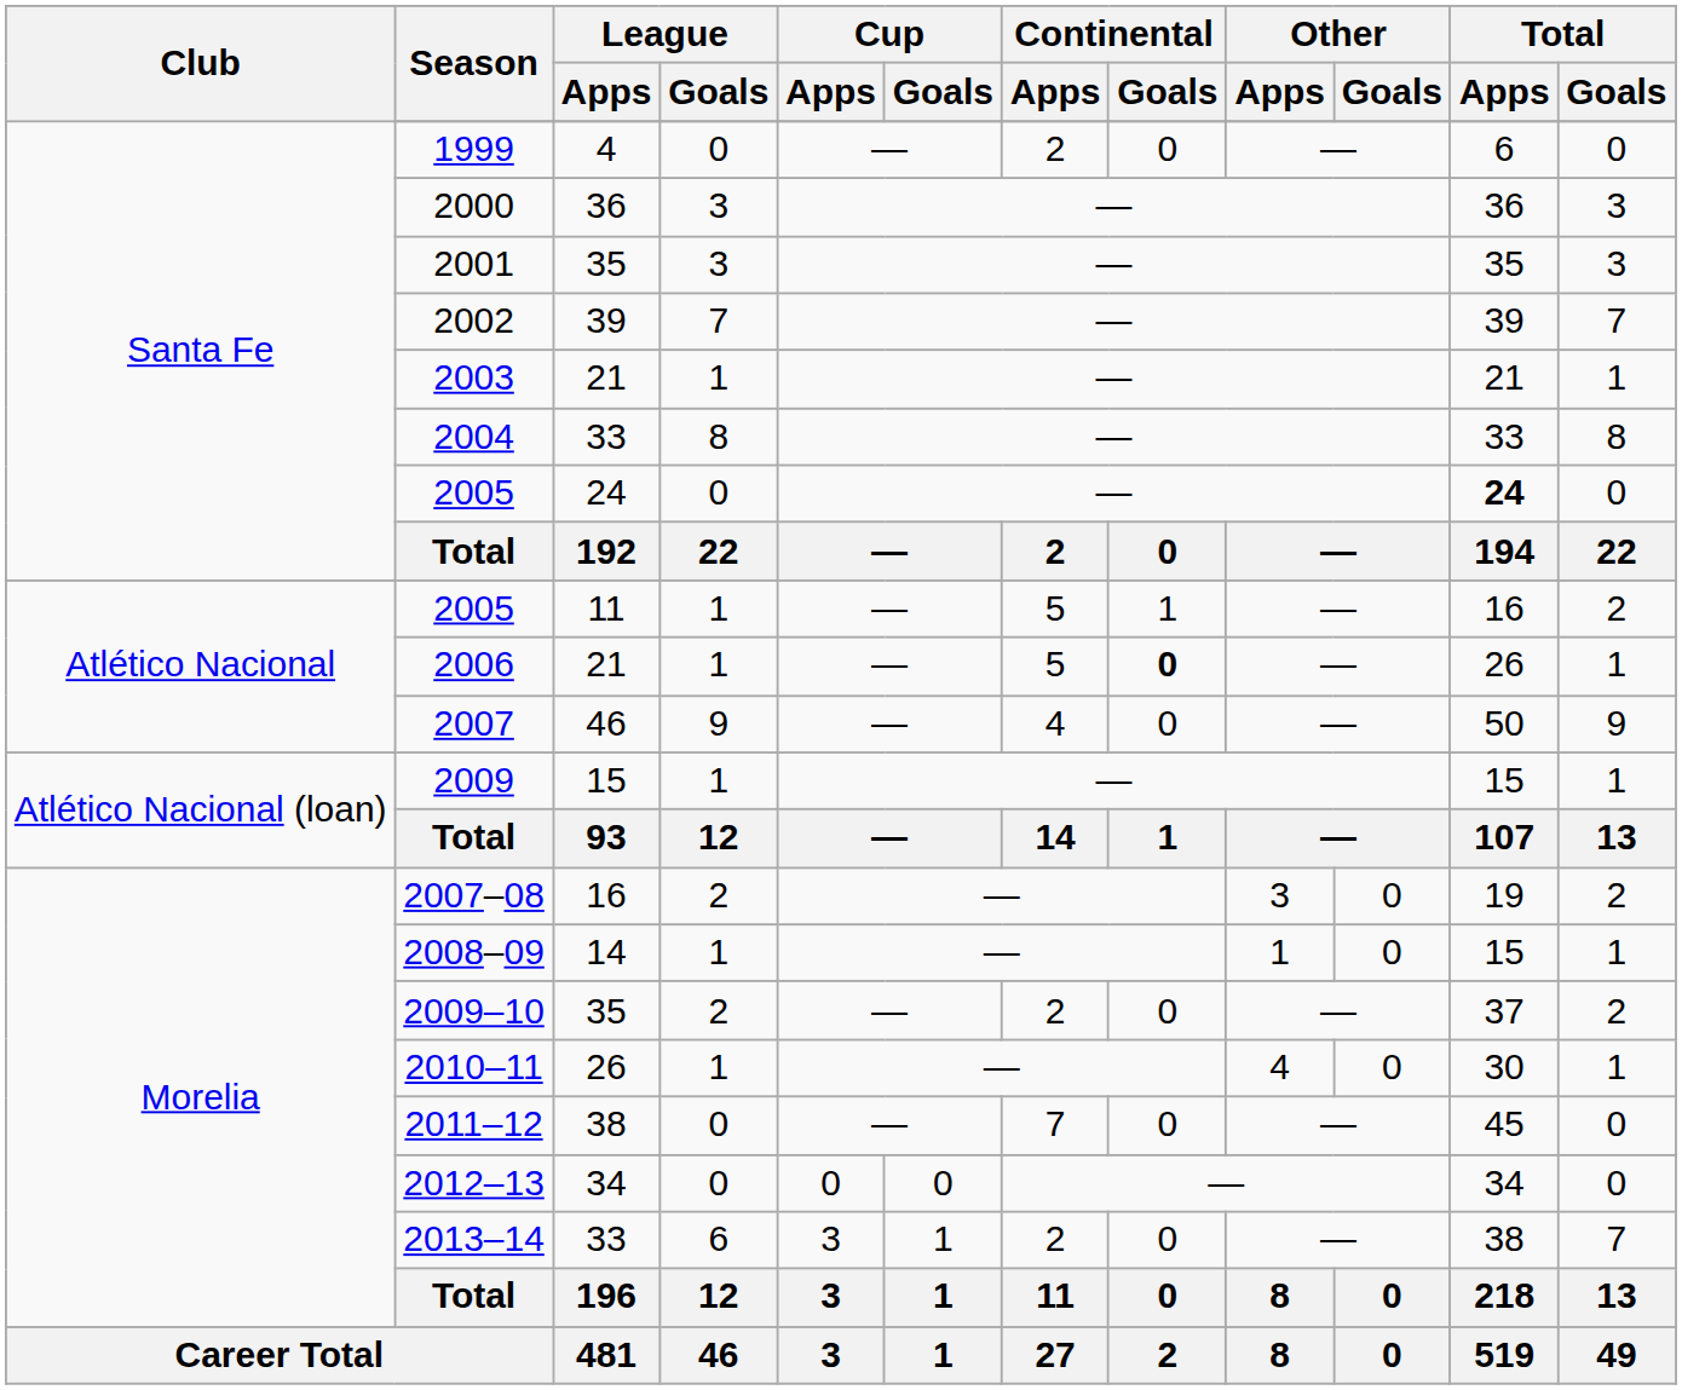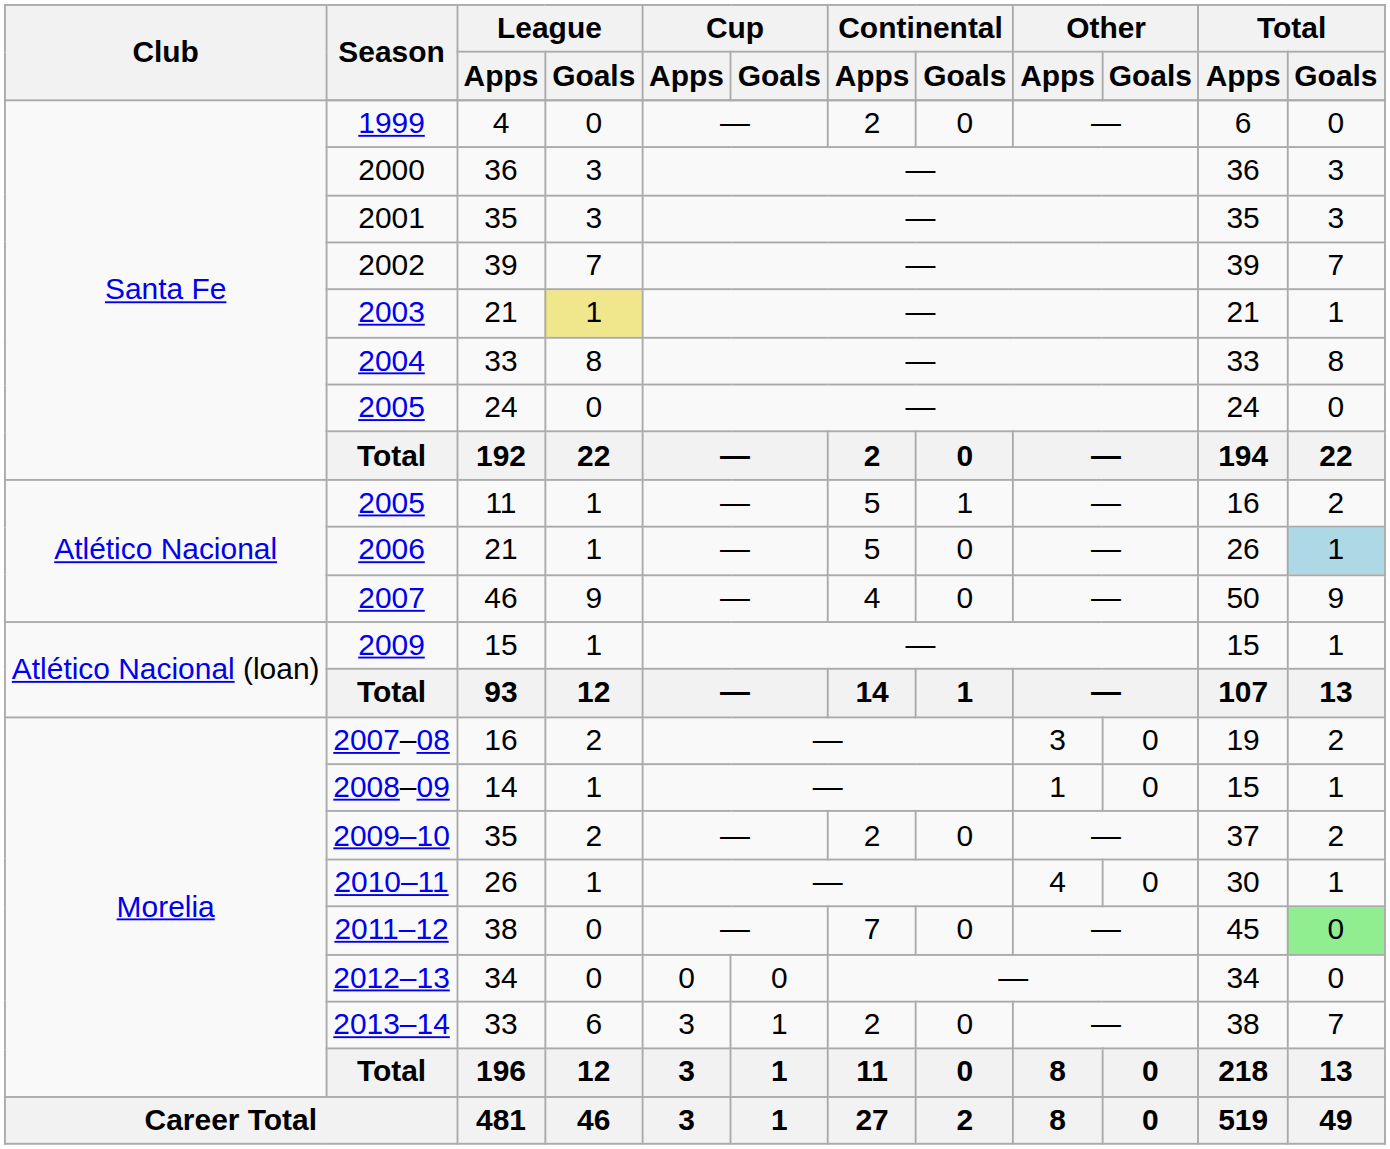 <table class="wikitable" style="text-align: center;">
 <tr>
 <th rowspan="2">Club</th>
 <th rowspan="2">Season</th>
 <th colspan="2">League</th>
 <th colspan="2">Cup</th>
 <th colspan="2">Continental</th>
 <th colspan="2">Other</th>
 <th colspan="2">Total</th>
 </tr>
 <tr>
 <th>Apps</th>
 <th>Goals</th>
 <th>Apps</th>
 <th>Goals</th>
 <th>Apps</th>
 <th>Goals</th>
 <th>Apps</th>
 <th>Goals</th>
 <th>Apps</th>
 <th>Goals</th>
 </tr>
 <tr>
 <td rowspan="9"><a href='#'>Santa Fe</a></td>
 </tr>
 <tr>
 <td><a href='#'>1999</a></td>
 <td>4</td>
 <td>0</td>
 <td colspan="2">—</td>
 <td>2</td>
 <td>0</td>
 <td colspan="2">—</td>
 <td>6</td>
 <td>0</td>
 </tr>
 <tr>
 <td>2000</td>
 <td>36</td>
 <td>3</td>
 <td colspan="6">—</td>
 <td>36</td>
 <td>3</td>
 </tr>
 <tr>
 <td>2001</td>
 <td>35</td>
 <td>3</td>
 <td colspan="6">—</td>
 <td>35</td>
 <td>3</td>
 </tr>
 <tr>
 <td>2002</td>
 <td>39</td>
 <td>7</td>
 <td colspan="6">—</td>
 <td>39</td>
 <td>7</td>
 </tr>
 <tr>
 <td><a href='#'>2003</a></td>
 <td>21</td>
-<td>1</td>
+<td style="background: khaki;">1</td>
 <td colspan="6">—</td>
 <td>21</td>
 <td>1</td>
 </tr>
 <tr>
 <td><a href='#'>2004</a></td>
 <td>33</td>
 <td>8</td>
 <td colspan="6">—</td>
 <td>33</td>
 <td>8</td>
 </tr>
 <tr>
 <td><a href='#'>2005</a></td>
 <td>24</td>
 <td>0</td>
 <td colspan="6">—</td>
-<td><strong>24</strong></td>
+<td>24</td>
 <td>0</td>
 </tr>
 <tr>
 <th>Total</th>
 <th>192</th>
 <th>22</th>
 <th colspan="2">—</th>
 <th>2</th>
 <th>0</th>
 <th colspan="2">—</th>
 <th>194</th>
 <th>22</th>
 </tr>
 <tr>
 <td rowspan="3"><a href='#'>Atlético Nacional</a></td>
 <td><a href='#'>2005</a></td>
 <td>11</td>
 <td>1</td>
 <td colspan="2">—</td>
 <td>5</td>
 <td>1</td>
 <td colspan="2">—</td>
 <td>16</td>
 <td>2</td>
 </tr>
 <tr>
 <td><a href='#'>2006</a></td>
 <td>21</td>
 <td>1</td>
 <td colspan="2">—</td>
 <td>5</td>
-<td><strong>0</strong></td>
+<td>0</td>
 <td colspan="2">—</td>
 <td>26</td>
-<td>1</td>
+<td style="background: lightblue;">1</td>
 </tr>
 <tr>
 <td><a href='#'>2007</a></td>
 <td>46</td>
 <td>9</td>
 <td colspan="2">—</td>
 <td>4</td>
 <td>0</td>
 <td colspan="2">—</td>
 <td>50</td>
 <td>9</td>
 </tr>
 <tr>
 <td rowspan="2"><a href='#'>Atlético Nacional</a> (loan)</td>
 <td><a href='#'>2009</a></td>
 <td>15</td>
 <td>1</td>
 <td colspan="6">—</td>
 <td>15</td>
 <td>1</td>
 </tr>
 <tr>
 <th>Total</th>
 <th>93</th>
 <th>12</th>
 <th colspan="2">—</th>
 <th>14</th>
 <th>1</th>
 <th colspan="2">—</th>
 <th>107</th>
 <th>13</th>
 </tr>
 <tr>
 <td rowspan="8"><a href='#'>Morelia</a></td>
 <td><a href='#'>2007</a>–<a href='#'>08</a></td>
 <td>16</td>
 <td>2</td>
 <td colspan="4">—</td>
 <td>3</td>
 <td>0</td>
 <td>19</td>
 <td>2</td>
 </tr>
 <tr>
 <td><a href='#'>2008</a>–<a href='#'>09</a></td>
 <td>14</td>
 <td>1</td>
 <td colspan="4">—</td>
 <td>1</td>
 <td>0</td>
 <td>15</td>
 <td>1</td>
 </tr>
 <tr>
 <td><a href='#'>2009–10</a></td>
 <td>35</td>
 <td>2</td>
 <td colspan="2">—</td>
 <td>2</td>
 <td>0</td>
 <td colspan="2">—</td>
 <td>37</td>
 <td>2</td>
 </tr>
 <tr>
 <td><a href='#'>2010–11</a></td>
 <td>26</td>
 <td>1</td>
 <td colspan="4">—</td>
 <td>4</td>
 <td>0</td>
 <td>30</td>
 <td>1</td>
 </tr>
 <tr>
 <td><a href='#'>2011–12</a></td>
 <td>38</td>
 <td>0</td>
 <td colspan="2">—</td>
 <td>7</td>
 <td>0</td>
 <td colspan="2">—</td>
 <td>45</td>
-<td>0</td>
+<td style="background: lightgreen;">0</td>
 </tr>
 <tr>
 <td><a href='#'>2012–13</a></td>
 <td>34</td>
 <td>0</td>
 <td>0</td>
 <td>0</td>
 <td colspan="4">—</td>
 <td>34</td>
 <td>0</td>
 </tr>
 <tr>
 <td><a href='#'>2013–14</a></td>
 <td>33</td>
 <td>6</td>
 <td>3</td>
 <td>1</td>
 <td>2</td>
 <td>0</td>
 <td colspan="2">—</td>
 <td>38</td>
 <td>7</td>
 </tr>
 <tr>
 <th>Total</th>
 <th>196</th>
 <th>12</th>
 <th>3</th>
 <th>1</th>
 <th>11</th>
 <th>0</th>
 <th>8</th>
 <th>0</th>
 <th>218</th>
 <th>13</th>
 </tr>
 <tr>
 <th colspan="2">Career Total</th>
 <th>481</th>
 <th>46</th>
 <th>3</th>
 <th>1</th>
 <th>27</th>
 <th>2</th>
 <th>8</th>
 <th>0</th>
 <th>519</th>
 <th>49</th>
 </tr>
 </table>
